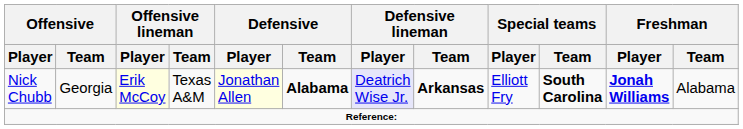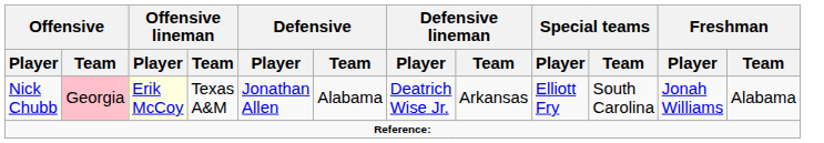 <table class="wikitable">
 <tr>
 <th colspan="2">Offensive</th>
 <th colspan="2">Offensive lineman</th>
 <th colspan="2">Defensive</th>
 <th colspan="2">Defensive lineman</th>
 <th colspan="2">Special teams</th>
 <th colspan="2">Freshman</th>
 </tr>
 <tr>
 <th>Player</th>
 <th>Team</th>
 <th>Player</th>
 <th>Team</th>
 <th>Player</th>
 <th>Team</th>
 <th>Player</th>
 <th>Team</th>
 <th>Player</th>
 <th>Team</th>
 <th>Player</th>
 <th>Team</th>
 </tr>
 <tr>
 <td><a href='#'>Nick Chubb</a></td>
-<td>Georgia</td>
+<td style="background: pink;">Georgia</td>
 <td style="background: lightyellow;"><a href='#'>Erik McCoy</a></td>
 <td>Texas A&M</td>
-<td style="background: lightyellow;"><a href='#'>Jonathan Allen</a></td>
-<td><strong>Alabama</strong></td>
-<td style="background: lavender;"><a href='#'>Deatrich Wise Jr.</a></td>
-<td><strong>Arkansas</strong></td>
+<td><a href='#'>Jonathan Allen</a></td>
+<td>Alabama</td>
+<td><a href='#'>Deatrich Wise Jr.</a></td>
+<td>Arkansas</td>
 <td><a href='#'>Elliott Fry</a></td>
-<td><strong>South Carolina</strong></td>
-<td><strong><a href='#'>Jonah Williams</a></strong></td>
+<td>South Carolina</td>
+<td><a href='#'>Jonah Williams</a></td>
 <td>Alabama</td>
 </tr>
 <tr>
 <td colspan="12"  style="font-size:8pt; text-align:center;"><strong>Reference:</strong></td>
 </tr>
 </table>
